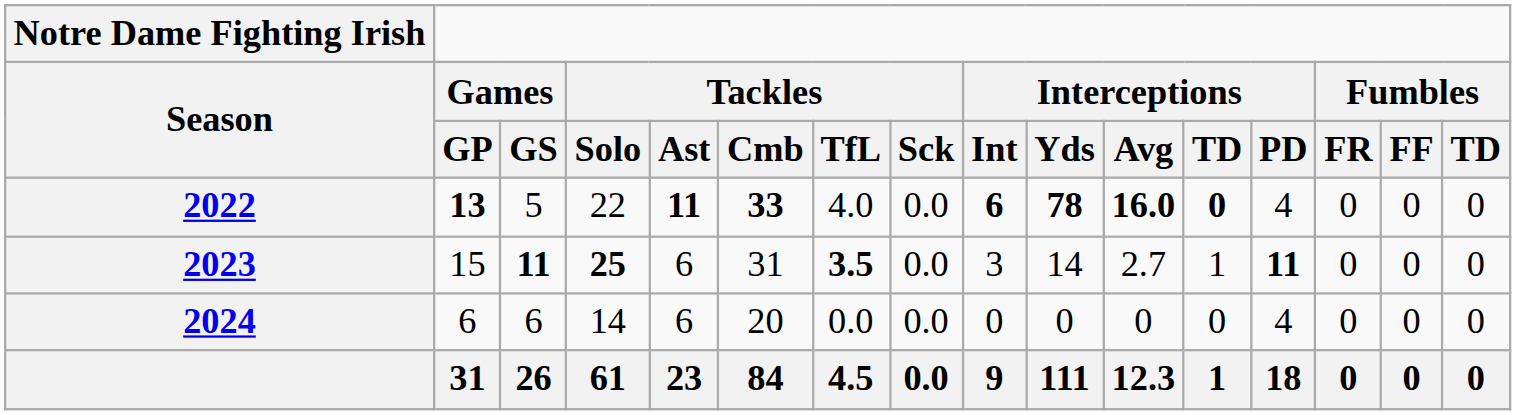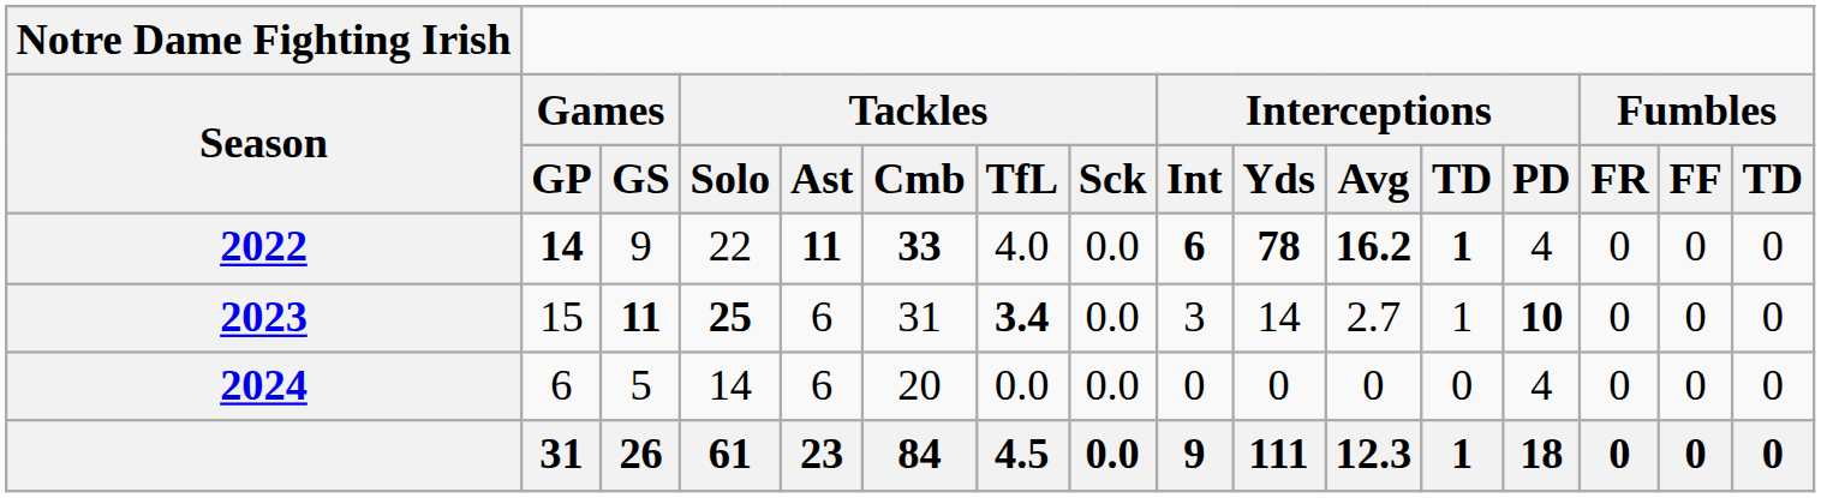 <table class="wikitable" style="text-align:center;">
 <tr>
 <th>Notre Dame Fighting Irish</th>
 </tr>
 <tr>
 <th rowspan="2">Season</th>
 <th colspan="2">Games</th>
 <th colspan="5">Tackles</th>
 <th colspan="5">Interceptions</th>
 <th colspan="3">Fumbles</th>
 </tr>
 <tr>
 <th>GP</th>
 <th>GS</th>
 <th>Solo</th>
 <th>Ast</th>
 <th>Cmb</th>
 <th>TfL</th>
 <th>Sck</th>
 <th>Int</th>
 <th>Yds</th>
 <th>Avg</th>
 <th>TD</th>
 <th>PD</th>
 <th>FR</th>
 <th>FF</th>
 <th>TD</th>
 </tr>
 <tr>
 <th><a href='#'>2022</a></th>
-<td><strong>13</strong></td>
-<td>5</td>
+<td><strong>14</strong></td>
+<td>9</td>
 <td>22</td>
 <td><strong>11</strong></td>
 <td><strong>33</strong></td>
 <td>4.0</td>
 <td>0.0</td>
 <td><strong>6</strong></td>
 <td><strong>78</strong></td>
-<td><strong>16.0</strong></td>
-<td><strong>0</strong></td>
+<td><strong>16.2</strong></td>
+<td><strong>1</strong></td>
 <td>4</td>
 <td>0</td>
 <td>0</td>
 <td>0</td>
 </tr>
 <tr>
 <th><a href='#'>2023</a></th>
 <td>15</td>
 <td><strong>11</strong></td>
 <td><strong>25</strong></td>
 <td>6</td>
 <td>31</td>
-<td><strong>3.5</strong></td>
+<td><strong>3.4</strong></td>
 <td>0.0</td>
 <td>3</td>
 <td>14</td>
 <td>2.7</td>
 <td>1</td>
-<td><strong>11</strong></td>
+<td><strong>10</strong></td>
 <td>0</td>
 <td>0</td>
 <td>0</td>
 </tr>
 <tr>
 <th><a href='#'>2024</a></th>
 <td>6</td>
-<td>6</td>
+<td>5</td>
 <td>14</td>
 <td>6</td>
 <td>20</td>
 <td>0.0</td>
 <td>0.0</td>
 <td>0</td>
 <td>0</td>
 <td>0</td>
 <td>0</td>
 <td>4</td>
 <td>0</td>
 <td>0</td>
 <td>0</td>
 </tr>
 <tr>
 <th></th>
 <th>31</th>
 <th>26</th>
 <th>61</th>
 <th>23</th>
 <th>84</th>
 <th>4.5</th>
 <th>0.0</th>
 <th>9</th>
 <th>111</th>
 <th>12.3</th>
 <th>1</th>
 <th>18</th>
 <th>0</th>
 <th>0</th>
 <th>0</th>
 </tr>
 </table>
